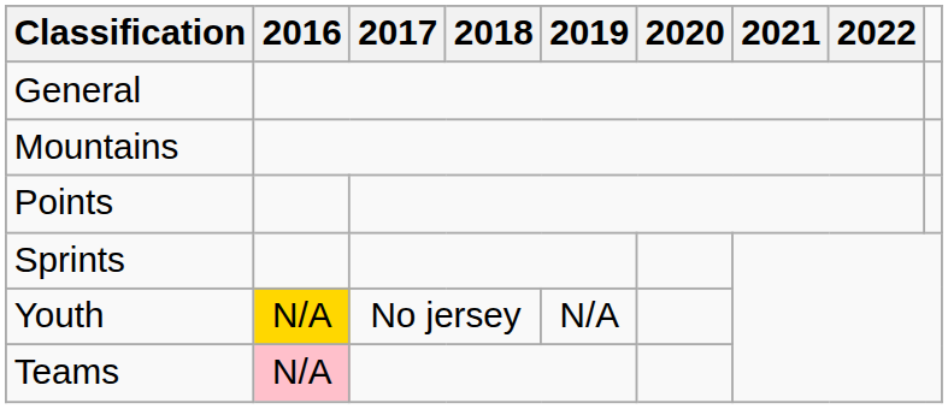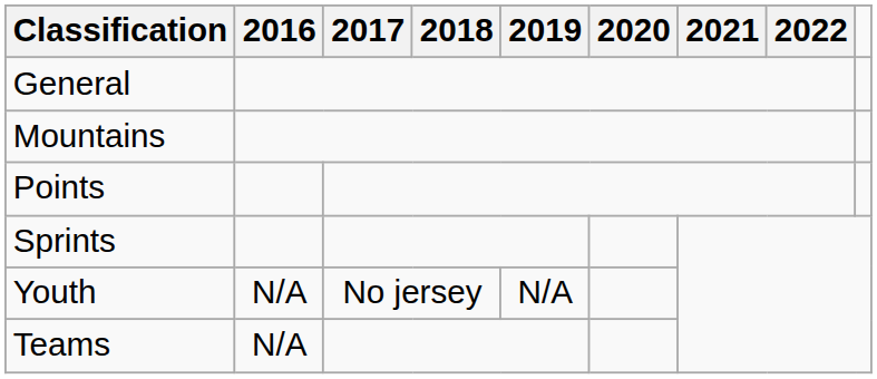 <table class="wikitable">
 <tr>
 <th>Classification</th>
 <th>2016</th>
 <th>2017</th>
 <th>2018</th>
 <th>2019</th>
 <th>2020</th>
 <th>2021</th>
 <th>2022</th>
 </tr>
 <tr>
 <td>General</td>
 <td align=center colspan=7></td>
 <td></td>
 </tr>
 <tr>
 <td>Mountains</td>
 <td align=center colspan=7></td>
 <td></td>
 </tr>
 <tr>
 <td>Points</td>
 <td align=center></td>
 <td align=center colspan=6></td>
 <td></td>
 </tr>
 <tr>
 <td>Sprints</td>
 <td align=center></td>
 <td align=center colspan=3></td>
 <td></td>
 </tr>
 <tr>
 <td>Youth</td>
-<td align=center style="background: gold;">N/A</td>
+<td align=center>N/A</td>
 <td align=center colspan=2>No jersey</td>
 <td align=center>N/A</td>
 <td></td>
 </tr>
 <tr>
 <td>Teams</td>
-<td align=center style="background: pink;">N/A</td>
+<td align=center>N/A</td>
 <td align=center colspan=3></td>
 <td></td>
 </tr>
 </table>
